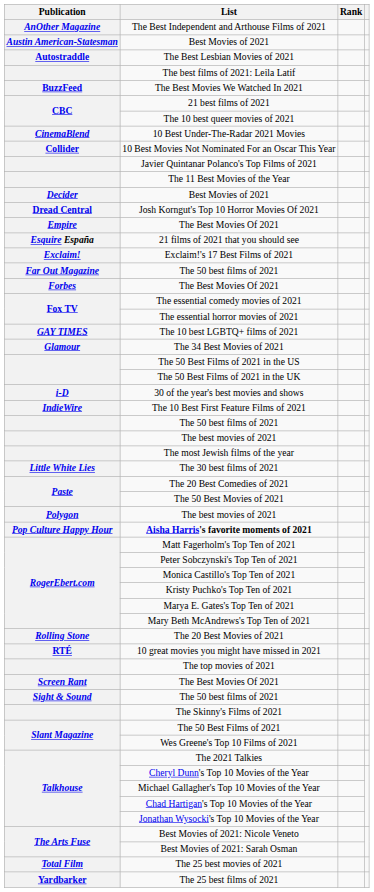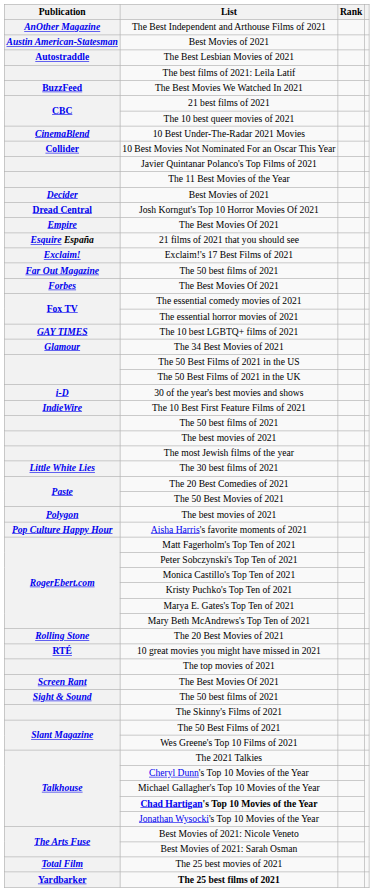 <table class="wikitable sortable" style="border:none; margin:0; text-align:center">
 <tr>
 <th scope="col">Publication</th>
 <th scope="col" class="unsortable">List</th>
 <th scope="col" data-sort-type="number">Rank</th>
 <th scope="col" class="unsortable"></th>
 </tr>
 <tr>
 <th scope=row><em><a href='#'>AnOther Magazine</a></em></th>
 <td>The Best Independent and Arthouse Films of 2021</td>
 <td></td>
 <td></td>
 </tr>
 <tr>
 <th scope=row><em><a href='#'>Austin American-Statesman</a></em></th>
 <td>Best Movies of 2021</td>
 <td></td>
 <td></td>
 </tr>
 <tr>
 <th scope=row><a href='#'>Autostraddle</a></th>
 <td>The Best Lesbian Movies of 2021</td>
 <td></td>
 <td></td>
 </tr>
 <tr>
 <th scope=row></th>
 <td>The best films of 2021: Leila Latif</td>
 <td></td>
 <td></td>
 </tr>
 <tr>
 <th scope=row><a href='#'>BuzzFeed</a></th>
 <td>The Best Movies We Watched In 2021</td>
 <td></td>
 <td></td>
 </tr>
 <tr>
 <th scope=rowgroup rowspan="2"><a href='#'>CBC</a></th>
 <td>21 best films of 2021</td>
 <td></td>
 <td></td>
 </tr>
 <tr>
 <td>The 10 best queer movies of 2021</td>
 <td></td>
 <td></td>
 </tr>
 <tr>
 <th scope=row><em><a href='#'>CinemaBlend</a></em></th>
 <td>10 Best Under-The-Radar 2021 Movies</td>
 <td></td>
 <td></td>
 </tr>
 <tr>
 <th scope=row><a href='#'>Collider</a></th>
 <td>10 Best Movies Not Nominated For an Oscar This Year</td>
 <td></td>
 <td></td>
 </tr>
 <tr>
 <th scope=row></th>
 <td>Javier Quintanar Polanco's Top Films of 2021</td>
 <td></td>
 <td></td>
 </tr>
 <tr>
 <th scope=row></th>
 <td>The 11 Best Movies of the Year</td>
 <td></td>
 <td></td>
 </tr>
 <tr>
 <th scope=row><em><a href='#'>Decider</a></em></th>
 <td>Best Movies of 2021</td>
 <td></td>
 <td></td>
 </tr>
 <tr>
 <th scope=row><a href='#'>Dread Central</a></th>
 <td>Josh Korngut's Top 10 Horror Movies Of 2021</td>
 <td></td>
 <td></td>
 </tr>
 <tr>
 <th scope=row><em><a href='#'>Empire</a></em></th>
 <td>The Best Movies Of 2021</td>
 <td></td>
 <td></td>
 </tr>
 <tr>
 <th scope=row><em><a href='#'>Esquire</a> España</em></th>
 <td>21 films of 2021 that you should see</td>
 <td></td>
 <td></td>
 </tr>
 <tr>
 <th scope=row><em><a href='#'>Exclaim!</a></em></th>
 <td>Exclaim!'s 17 Best Films of 2021</td>
 <td></td>
 <td></td>
 </tr>
 <tr>
 <th scope=row><em><a href='#'>Far Out Magazine</a></em></th>
 <td>The 50 best films of 2021</td>
 <td></td>
 <td></td>
 </tr>
 <tr>
 <th scope=row><em><a href='#'>Forbes</a></em></th>
 <td>The Best Movies Of 2021</td>
 <td></td>
 <td></td>
 </tr>
 <tr>
 <th scope=rowgroup rowspan="2"><a href='#'>Fox TV</a></th>
 <td>The essential comedy movies of 2021</td>
 <td></td>
 <td></td>
 </tr>
 <tr>
 <td>The essential horror movies of 2021</td>
 <td></td>
 <td></td>
 </tr>
 <tr>
 <th scope=row><em><a href='#'>GAY TIMES</a></em></th>
 <td>The 10 best LGBTQ+ films of 2021</td>
 <td></td>
 <td></td>
 </tr>
 <tr>
 <th scope=row><em><a href='#'>Glamour</a></em></th>
 <td>The 34 Best Movies of 2021</td>
 <td></td>
 <td></td>
 </tr>
 <tr>
 <th scope=rowgroup rowspan="2"></th>
 <td>The 50 Best Films of 2021 in the US</td>
 <td></td>
 <td></td>
 </tr>
 <tr>
 <td>The 50 Best Films of 2021 in the UK</td>
 <td></td>
 <td></td>
 </tr>
 <tr>
 <th scope=row><em><a href='#'>i-D</a></em></th>
 <td>30 of the year's best movies and shows</td>
 <td></td>
 <td></td>
 </tr>
 <tr>
 <th scope=row><em><a href='#'>IndieWire</a></em></th>
 <td>The 10 Best First Feature Films of 2021</td>
 <td></td>
 <td></td>
 </tr>
 <tr>
 <th scope=row></th>
 <td>The 50 best films of 2021</td>
 <td></td>
 <td></td>
 </tr>
 <tr>
 <th scope=row></th>
 <td>The best movies of 2021</td>
 <td></td>
 <td></td>
 </tr>
 <tr>
 <th scope=row></th>
 <td>The most Jewish films of the year</td>
 <td></td>
 <td></td>
 </tr>
 <tr>
 <th scope=row><em><a href='#'>Little White Lies</a></em></th>
 <td>The 30 best films of 2021</td>
 <td></td>
 <td></td>
 </tr>
 <tr>
 <th scope=rowgroup rowspan="2"><em><a href='#'>Paste</a></em></th>
 <td>The 20 Best Comedies of 2021</td>
 <td></td>
 <td></td>
 </tr>
 <tr>
 <td>The 50 Best Movies of 2021</td>
 <td></td>
 <td></td>
 </tr>
 <tr>
 <th scope=row><em><a href='#'>Polygon</a></em></th>
 <td>The best movies of 2021</td>
 <td></td>
 <td></td>
 </tr>
 <tr>
 <th scope=row><em><a href='#'>Pop Culture Happy Hour</a></em></th>
-<td><strong><a href='#'>Aisha Harris</a>'s favorite moments of 2021</strong></td>
+<td><a href='#'>Aisha Harris</a>'s favorite moments of 2021</td>
 <td></td>
 <td></td>
 </tr>
 <tr>
 <th scope=rowgroup rowspan="6"><em><a href='#'>RogerEbert.com</a></em></th>
 <td>Matt Fagerholm's Top Ten of 2021</td>
 <td></td>
 <td rowspan="6"></td>
 </tr>
 <tr>
 <td>Peter Sobczynski's Top Ten of 2021</td>
 <td></td>
 </tr>
 <tr>
 <td>Monica Castillo's Top Ten of 2021</td>
 <td></td>
 </tr>
 <tr>
 <td>Kristy Puchko's Top Ten of 2021</td>
 <td></td>
 </tr>
 <tr>
 <td>Marya E. Gates's Top Ten of 2021</td>
 <td></td>
 </tr>
 <tr>
 <td>Mary Beth McAndrews's Top Ten of 2021</td>
 <td></td>
 </tr>
 <tr>
 <th scope=row><em><a href='#'>Rolling Stone</a></em></th>
 <td>The 20 Best Movies of 2021</td>
 <td></td>
 <td></td>
 </tr>
 <tr>
 <th scope=row><a href='#'>RTÉ</a></th>
 <td>10 great movies you might have missed in 2021</td>
 <td></td>
 <td></td>
 </tr>
 <tr>
 <th scope=row></th>
 <td>The top movies of 2021</td>
 <td></td>
 <td></td>
 </tr>
 <tr>
 <th scope=row><em><a href='#'>Screen Rant</a></em></th>
 <td>The Best Movies Of 2021</td>
 <td></td>
 <td></td>
 </tr>
 <tr>
 <th scope=row><em><a href='#'>Sight & Sound</a></em></th>
 <td>The 50 best films of 2021</td>
 <td></td>
 <td></td>
 </tr>
 <tr>
 <th scope=row></th>
 <td>The Skinny's Films of 2021</td>
 <td></td>
 <td></td>
 </tr>
 <tr>
 <th scope=rowgroup rowspan="2"><em><a href='#'>Slant Magazine</a></em></th>
 <td>The 50 Best Films of 2021</td>
 <td></td>
 <td></td>
 </tr>
 <tr>
 <td>Wes Greene's Top 10 Films of 2021</td>
 <td></td>
 <td></td>
 </tr>
 <tr>
 <th scope=rowgroup rowspan="5"><em><a href='#'>Talkhouse</a></em></th>
 <td>The 2021 Talkies</td>
 <td></td>
 <td></td>
 </tr>
 <tr>
 <td><a href='#'>Cheryl Dunn</a>'s Top 10 Movies of the Year</td>
 <td></td>
 <td rowspan="4"></td>
 </tr>
 <tr>
 <td>Michael Gallagher's Top 10 Movies of the Year</td>
 <td></td>
 </tr>
 <tr>
-<td><a href='#'>Chad Hartigan</a>'s Top 10 Movies of the Year</td>
+<td><strong><a href='#'>Chad Hartigan</a>'s Top 10 Movies of the Year</strong></td>
 <td></td>
 </tr>
 <tr>
 <td><a href='#'>Jonathan Wysocki</a>'s Top 10 Movies of the Year</td>
 <td></td>
 </tr>
 <tr>
 <th scope=rowgroup rowspan="2"><em><a href='#'>The Arts Fuse</a></em></th>
 <td>Best Movies of 2021: Nicole Veneto</td>
 <td></td>
 <td rowspan="2"></td>
 </tr>
 <tr>
 <td>Best Movies of 2021: Sarah Osman</td>
 <td></td>
 </tr>
 <tr>
 <th scope=row><em><a href='#'>Total Film</a></em></th>
 <td>The 25 best movies of 2021</td>
 <td></td>
 <td></td>
 </tr>
 <tr>
 <th scope=row><a href='#'>Yardbarker</a></th>
-<td>The 25 best films of 2021</td>
+<td><strong>The 25 best films of 2021</strong></td>
 <td></td>
 <td></td>
 </tr>
 </table>
